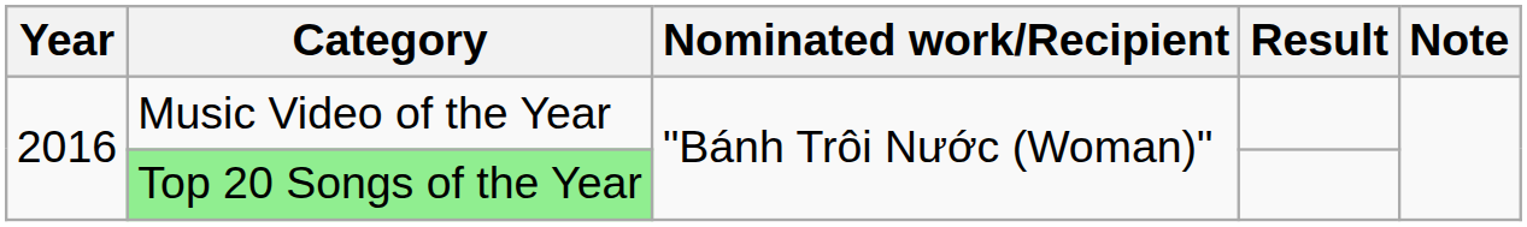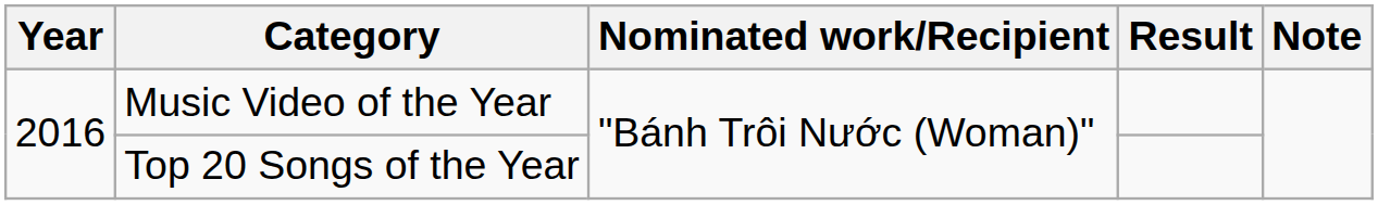 <table class="wikitable">
 <tr>
 <th>Year</th>
 <th>Category</th>
 <th>Nominated work/Recipient</th>
 <th>Result</th>
 <th>Note</th>
 </tr>
 <tr>
 <td rowspan="2">2016</td>
 <td>Music Video of the Year</td>
 <td rowspan="2">"Bánh Trôi Nước (Woman)"</td>
 <td></td>
 <td rowspan="2"></td>
 </tr>
 <tr>
-<td style="background: lightgreen;">Top 20 Songs of the Year</td>
+<td>Top 20 Songs of the Year</td>
 <td></td>
 </tr>
 </table>
